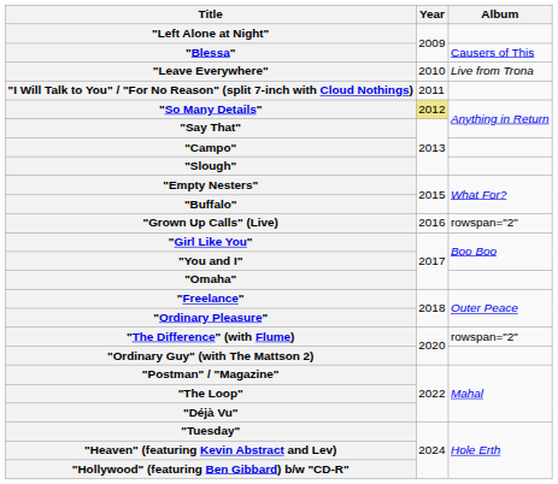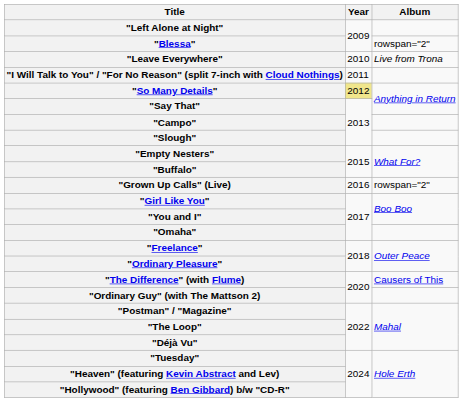 <table class="wikitable plainrowheaders">
 <tr>
 <th scope="col">Title</th>
 <th scope="col">Year</th>
 <th scope="col">Album</th>
 </tr>
 <tr>
 <th scope="row">"Left Alone at Night"</th>
 <td rowspan="2">2009</td>
 <td></td>
 </tr>
 <tr>
 <th scope="row">"<a href='#'>Blessa</a>"</th>
-<td><a href='#'>Causers of This</a></td>
+<td>rowspan="2" </td>
 </tr>
 <tr>
 <th scope="row">"Leave Everywhere"</th>
 <td>2010</td>
 <td><em>Live from Trona</em></td>
 </tr>
 <tr>
 <th scope="row">"I Will Talk to You" / "For No Reason" (split 7-inch with <a href='#'>Cloud Nothings</a>)</th>
 <td>2011</td>
 </tr>
 <tr>
 <th scope="row">"<a href='#'>So Many Details</a>"</th>
 <td style="background: khaki;">2012</td>
 <td rowspan="2"><em><a href='#'>Anything in Return</a></em></td>
 </tr>
 <tr>
 <th scope="row">"Say That"</th>
 <td rowspan="3">2013</td>
 </tr>
 <tr>
 <th scope="row">"Campo"</th>
 <td></td>
 </tr>
 <tr>
 <th scope="row">"Slough"</th>
 </tr>
 <tr>
 <th scope="row">"Empty Nesters"</th>
 <td rowspan="2">2015</td>
 <td rowspan="2"><em><a href='#'>What For?</a></em></td>
 </tr>
 <tr>
 <th scope="row">"Buffalo"</th>
 </tr>
 <tr>
 <th scope="row">"Grown Up Calls" (Live)</th>
 <td>2016</td>
 <td>rowspan="2" </td>
 </tr>
 <tr>
 <th scope="row">"<a href='#'>Girl Like You</a>"</th>
 <td rowspan="3">2017</td>
 <td rowspan="2"><em><a href='#'>Boo Boo</a></em></td>
 </tr>
 <tr>
 <th scope="row">"You and I"</th>
 </tr>
 <tr>
 <th scope="row">"Omaha"</th>
 <td></td>
 </tr>
 <tr>
 <th scope="row">"<a href='#'>Freelance</a>"</th>
 <td rowspan="2">2018</td>
 <td rowspan="2"><em><a href='#'>Outer Peace</a></em></td>
 </tr>
 <tr>
 <th scope="row">"<a href='#'>Ordinary Pleasure</a>"</th>
 </tr>
 <tr>
 <th scope="row">"<a href='#'>The Difference</a>" (with <a href='#'>Flume</a>)</th>
 <td rowspan="2">2020</td>
-<td>rowspan="2" </td>
+<td><a href='#'>Causers of This</a></td>
 </tr>
 <tr>
 <th scope="row">"Ordinary Guy" (with The Mattson 2)</th>
 </tr>
 <tr>
 <th scope="row">"Postman" / "Magazine"</th>
 <td rowspan="3">2022</td>
 <td rowspan="3"><em><a href='#'> Mahal</a></em></td>
 </tr>
 <tr>
 <th scope="row">"The Loop"</th>
 </tr>
 <tr>
 <th scope="row">"Déjà Vu"</th>
 </tr>
 <tr>
 <th scope="row">"Tuesday"</th>
 <td rowspan="3">2024</td>
 <td rowspan="3"><em><a href='#'>Hole Erth</a></em></td>
 </tr>
 <tr>
 <th scope="row">"Heaven" (featuring <a href='#'>Kevin Abstract</a> and Lev)</th>
 </tr>
 <tr>
 <th scope="row">"Hollywood" (featuring <a href='#'>Ben Gibbard</a>) b/w "CD-R"</th>
 </tr>
 </table>
